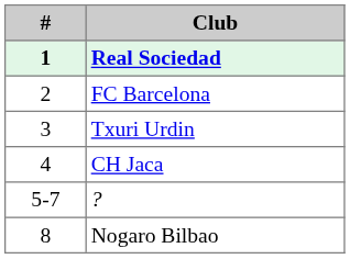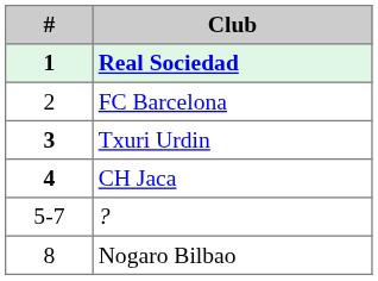 <table cellpadding="3" cellspacing="0" border="1" style="font-size: 95%; text-align: left; border: gray solid 1px; border-collapse: collapse;">
 <tr bgcolor="#CCCCCC" align="center">
 <th ! width="50px">#</th>
 <th width="175px">Club</th>
 </tr>
 <tr align="center" bgcolor=#E1F7E6>
 <td><strong>1</strong></td>
 <td align="left"><strong><a href='#'>Real Sociedad</a></strong></td>
 </tr>
 <tr align="center">
 <td>2</td>
 <td align="left"><a href='#'>FC Barcelona</a></td>
 </tr>
 <tr align="center">
-<td>3</td>
+<td><strong>3</strong></td>
 <td align="left"><a href='#'>Txuri Urdin</a></td>
 </tr>
 <tr align="center">
-<td>4</td>
+<td><strong>4</strong></td>
 <td align="left"><a href='#'>CH Jaca</a></td>
 </tr>
 <tr align="center">
 <td>5-7</td>
 <td align="left"><em>?</em></td>
 </tr>
 <tr align="center">
 <td>8</td>
 <td align="left">Nogaro Bilbao</td>
 </tr>
 </table>
